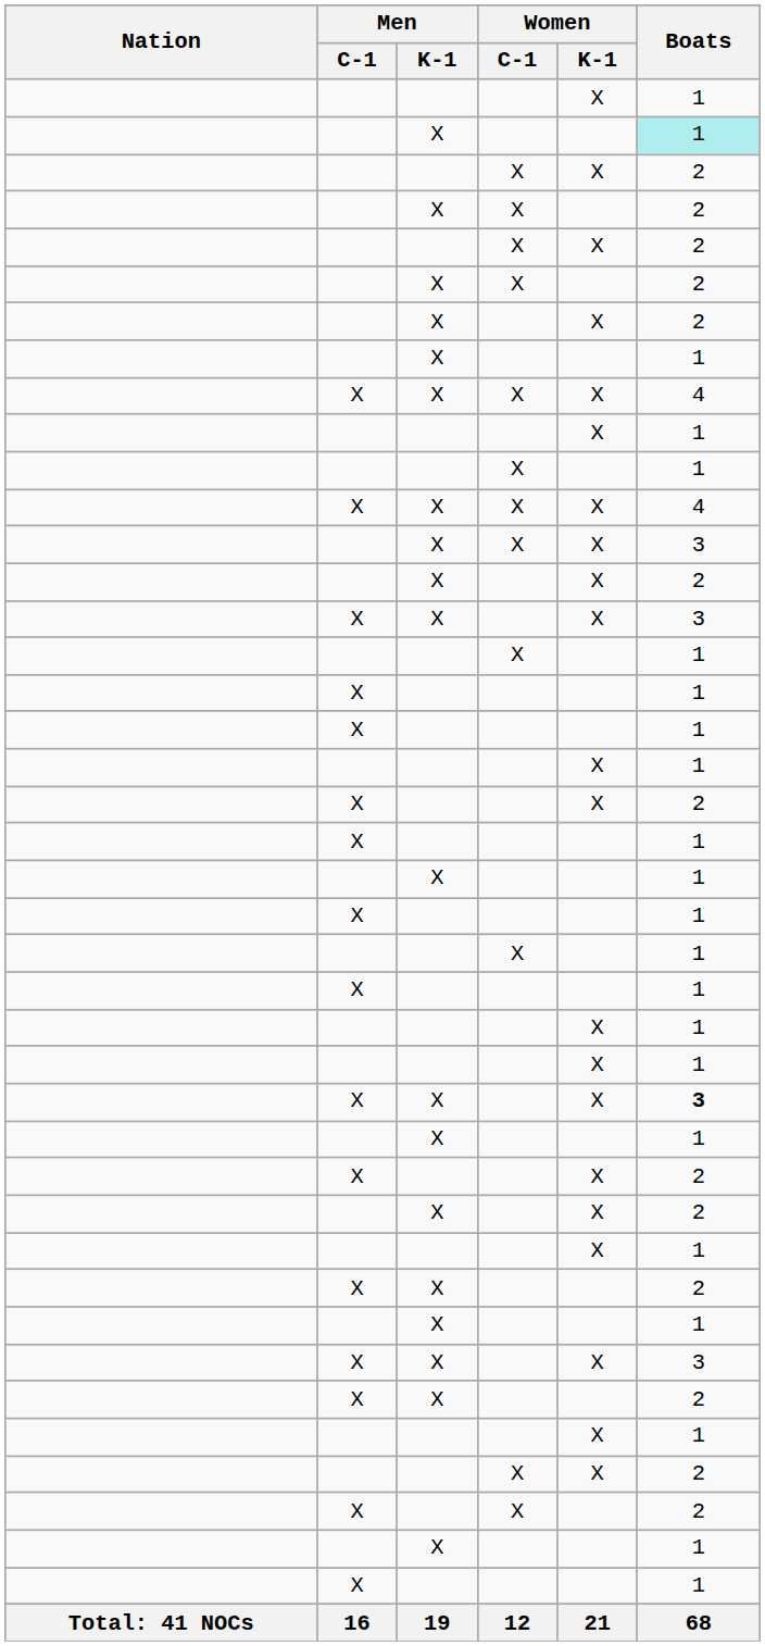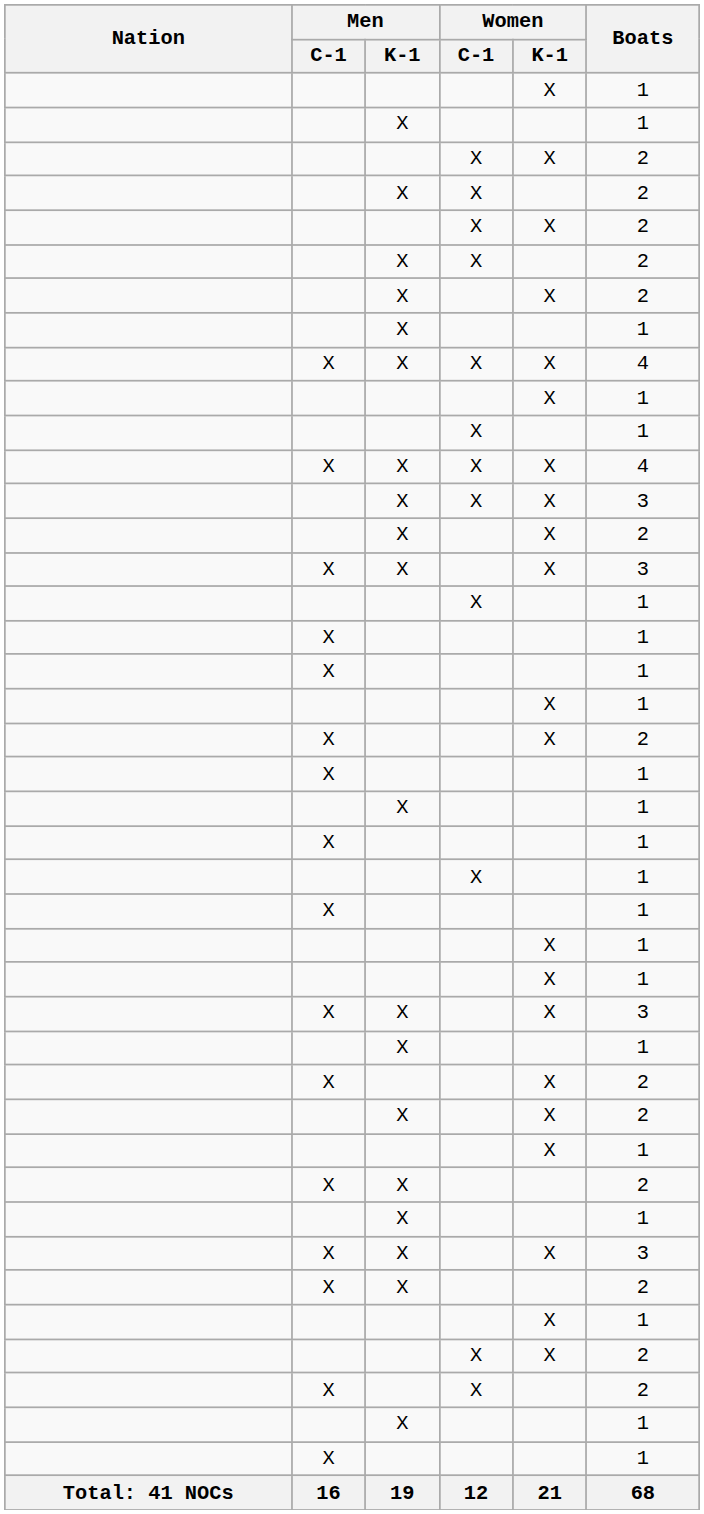 <table class="wikitable" width=400 style="text-align:center; font-size:90%">
 <tr>
 <th rowspan="2" align="left">Nation</th>
 <th colspan="2">Men</th>
 <th colspan="2">Women</th>
 <th rowspan=2>Boats</th>
 </tr>
 <tr>
 <th>C-1</th>
 <th>K-1</th>
 <th>C-1</th>
 <th>K-1</th>
 </tr>
 <tr>
 <td align=left></td>
 <td></td>
 <td></td>
 <td></td>
 <td>X</td>
 <td>1</td>
 </tr>
 <tr>
 <td align=left></td>
 <td></td>
 <td>X</td>
 <td></td>
 <td></td>
-<td style="background: paleturquoise;">1</td>
+<td>1</td>
 </tr>
 <tr>
 <td align=left></td>
 <td></td>
 <td></td>
 <td>X</td>
 <td>X</td>
 <td>2</td>
 </tr>
 <tr>
 <td align=left></td>
 <td></td>
 <td>X</td>
 <td>X</td>
 <td></td>
 <td>2</td>
 </tr>
 <tr>
 <td align=left></td>
 <td></td>
 <td></td>
 <td>X</td>
 <td>X</td>
 <td>2</td>
 </tr>
 <tr>
 <td align=left></td>
 <td></td>
 <td>X</td>
 <td>X</td>
 <td></td>
 <td>2</td>
 </tr>
 <tr>
 <td align=left></td>
 <td></td>
 <td>X</td>
 <td></td>
 <td>X</td>
 <td>2</td>
 </tr>
 <tr>
 <td align=left></td>
 <td></td>
 <td>X</td>
 <td></td>
 <td></td>
 <td>1</td>
 </tr>
 <tr>
 <td align=left></td>
 <td>X</td>
 <td>X</td>
 <td>X</td>
 <td>X</td>
 <td>4</td>
 </tr>
 <tr>
 <td align=left></td>
 <td></td>
 <td></td>
 <td></td>
 <td>X</td>
 <td>1</td>
 </tr>
 <tr>
 <td align=left></td>
 <td></td>
 <td></td>
 <td>X</td>
 <td></td>
 <td>1</td>
 </tr>
 <tr>
 <td align=left></td>
 <td>X</td>
 <td>X</td>
 <td>X</td>
 <td>X</td>
 <td>4</td>
 </tr>
 <tr>
 <td align=left></td>
 <td></td>
 <td>X</td>
 <td>X</td>
 <td>X</td>
 <td>3</td>
 </tr>
 <tr>
 <td align=left></td>
 <td></td>
 <td>X</td>
 <td></td>
 <td>X</td>
 <td>2</td>
 </tr>
 <tr>
 <td align=left></td>
 <td>X</td>
 <td>X</td>
 <td></td>
 <td>X</td>
 <td>3</td>
 </tr>
 <tr>
 <td align=left></td>
 <td></td>
 <td></td>
 <td>X</td>
 <td></td>
 <td>1</td>
 </tr>
 <tr>
 <td align=left></td>
 <td>X</td>
 <td></td>
 <td></td>
 <td></td>
 <td>1</td>
 </tr>
 <tr>
 <td align=left></td>
 <td>X</td>
 <td></td>
 <td></td>
 <td></td>
 <td>1</td>
 </tr>
 <tr>
 <td align=left></td>
 <td></td>
 <td></td>
 <td></td>
 <td>X</td>
 <td>1</td>
 </tr>
 <tr>
 <td align=left></td>
 <td>X</td>
 <td></td>
 <td></td>
 <td>X</td>
 <td>2</td>
 </tr>
 <tr>
 <td align=left></td>
 <td>X</td>
 <td></td>
 <td></td>
 <td></td>
 <td>1</td>
 </tr>
 <tr>
 <td align=left></td>
 <td></td>
 <td>X</td>
 <td></td>
 <td></td>
 <td>1</td>
 </tr>
 <tr>
 <td align=left></td>
 <td>X</td>
 <td></td>
 <td></td>
 <td></td>
 <td>1</td>
 </tr>
 <tr>
 <td align=left></td>
 <td></td>
 <td></td>
 <td>X</td>
 <td></td>
 <td>1</td>
 </tr>
 <tr>
 <td align=left></td>
 <td>X</td>
 <td></td>
 <td></td>
 <td></td>
 <td>1</td>
 </tr>
 <tr>
 <td align=left></td>
 <td></td>
 <td></td>
 <td></td>
 <td>X</td>
 <td>1</td>
 </tr>
 <tr>
 <td align=left></td>
 <td></td>
 <td></td>
 <td></td>
 <td>X</td>
 <td>1</td>
 </tr>
 <tr>
 <td align=left></td>
 <td>X</td>
 <td>X</td>
 <td></td>
 <td>X</td>
-<td><strong>3</strong></td>
+<td>3</td>
 </tr>
 <tr>
 <td align=left></td>
 <td></td>
 <td>X</td>
 <td></td>
 <td></td>
 <td>1</td>
 </tr>
 <tr>
 <td align=left></td>
 <td>X</td>
 <td></td>
 <td></td>
 <td>X</td>
 <td>2</td>
 </tr>
 <tr>
 <td align=left></td>
 <td></td>
 <td>X</td>
 <td></td>
 <td>X</td>
 <td>2</td>
 </tr>
 <tr>
 <td align=left></td>
 <td></td>
 <td></td>
 <td></td>
 <td>X</td>
 <td>1</td>
 </tr>
 <tr>
 <td align=left></td>
 <td>X</td>
 <td>X</td>
 <td></td>
 <td></td>
 <td>2</td>
 </tr>
 <tr>
 <td align=left></td>
 <td></td>
 <td>X</td>
 <td></td>
 <td></td>
 <td>1</td>
 </tr>
 <tr>
 <td align=left></td>
 <td>X</td>
 <td>X</td>
 <td></td>
 <td>X</td>
 <td>3</td>
 </tr>
 <tr>
 <td align=left></td>
 <td>X</td>
 <td>X</td>
 <td></td>
 <td></td>
 <td>2</td>
 </tr>
 <tr>
 <td align=left></td>
 <td></td>
 <td></td>
 <td></td>
 <td>X</td>
 <td>1</td>
 </tr>
 <tr>
 <td align=left></td>
 <td></td>
 <td></td>
 <td>X</td>
 <td>X</td>
 <td>2</td>
 </tr>
 <tr>
 <td align=left></td>
 <td>X</td>
 <td></td>
 <td>X</td>
 <td></td>
 <td>2</td>
 </tr>
 <tr>
 <td align=left></td>
 <td></td>
 <td>X</td>
 <td></td>
 <td></td>
 <td>1</td>
 </tr>
 <tr>
 <td align=left></td>
 <td>X</td>
 <td></td>
 <td></td>
 <td></td>
 <td>1</td>
 </tr>
 <tr>
 <th>Total: 41 NOCs</th>
 <th>16</th>
 <th>19</th>
 <th>12</th>
 <th>21</th>
 <th>68</th>
 </tr>
 </table>
